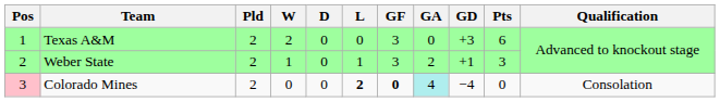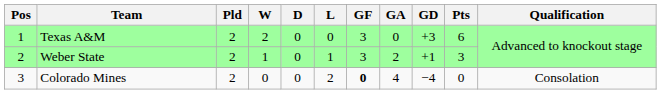 <table class="wikitable" style="text-align:center; margin: 1em auto">
 <tr>
 <th style="width:2em">Pos</th>
 <th style="width:13em">Team</th>
 <th style="width:2em">Pld</th>
 <th style="width:2em">W</th>
 <th style="width:2em">D</th>
 <th style="width:2em">L</th>
 <th style="width:2em">GF</th>
 <th style="width:2em">GA</th>
 <th style="width:2em">GD</th>
 <th style="width:2em">Pts</th>
 <th style="width:13em">Qualification</th>
 </tr>
 <tr bgcolor="#9eff9e">
 <td>1</td>
 <td style="text-align:left">Texas A&M</td>
 <td>2</td>
 <td>2</td>
 <td>0</td>
 <td>0</td>
 <td>3</td>
 <td>0</td>
 <td>+3</td>
 <td>6</td>
 <td rowspan="2">Advanced to knockout stage</td>
 </tr>
 <tr bgcolor="#9eff9e">
 <td>2</td>
 <td style="text-align:left">Weber State</td>
 <td>2</td>
 <td>1</td>
 <td>0</td>
 <td>1</td>
 <td>3</td>
 <td>2</td>
 <td>+1</td>
 <td>3</td>
 </tr>
 <tr>
-<td style="background: pink;">3</td>
+<td>3</td>
 <td style="text-align:left">Colorado Mines</td>
 <td>2</td>
 <td>0</td>
 <td>0</td>
-<td><strong>2</strong></td>
+<td>2</td>
 <td><strong>0</strong></td>
-<td style="background: paleturquoise;">4</td>
+<td>4</td>
 <td>−4</td>
 <td>0</td>
 <td>Consolation</td>
 </tr>
 </table>
